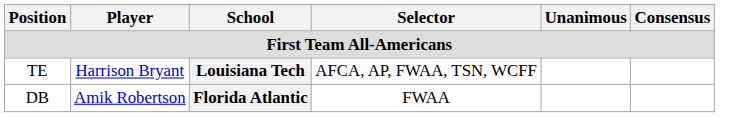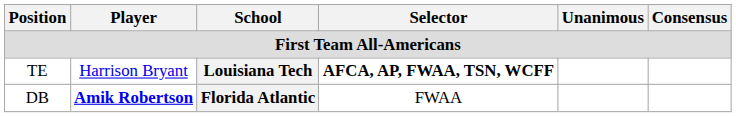 <table class="wikitable" border="0">
 <tr>
 <th>Position</th>
 <th>Player</th>
 <th>School</th>
 <th>Selector</th>
 <th>Unanimous</th>
 <th>Consensus</th>
 </tr>
 <tr>
 <td colspan="6" style="text-align:center; background:#ddd;"><strong>First Team All-Americans</strong></td>
 </tr>
 <tr style="text-align:center;">
 <td style="background:white">TE</td>
 <td style="background:white"><a href='#'>Harrison Bryant</a></td>
 <th style=>Louisiana Tech</th>
-<td style="background:white">AFCA, AP, FWAA, TSN, WCFF</td>
+<td style="background:white"><strong>AFCA, AP, FWAA, TSN, WCFF</strong></td>
 <td style="background:white"></td>
 <td style="background:white"></td>
 </tr>
 <tr style="text-align:center;">
 <td style="background:white">DB</td>
-<td style="background:white"><a href='#'>Amik Robertson</a></td>
+<td style="background:white"><strong><a href='#'>Amik Robertson</a></strong></td>
 <th style=>Florida Atlantic</th>
 <td style="background:white">FWAA</td>
 <td style="background:white"></td>
 <td style="background:white"></td>
 </tr>
 </table>
